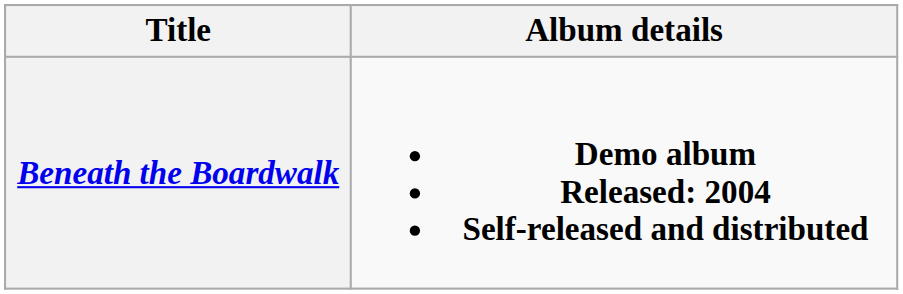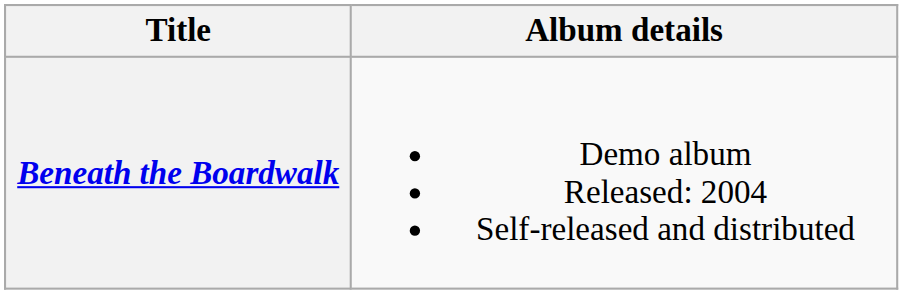 <table class="wikitable plainrowheaders" style="text-align:center;" border="1">
 <tr>
 <th scope="col" style="width:10em;">Title</th>
 <th scope="col" style="width:16em;">Album details</th>
 </tr>
 <tr>
 <th scope="row"><em><a href='#'>Beneath the Boardwalk</a></em></th>
-<td><strong><br><ul><li>Demo album</li><li>Released: 2004</li><li>Self-released and distributed</li></ul></strong></td>
+<td><br><ul><li>Demo album</li><li>Released: 2004</li><li>Self-released and distributed</li></ul></td>
 </tr>
 </table>
